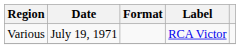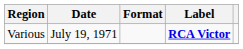 <table class="wikitable plainrowheaders">
 <tr>
 <th scope="col">Region</th>
 <th scope="col">Date</th>
 <th scope="col">Format</th>
 <th scope="col">Label</th>
 <th scope="col"></th>
 </tr>
 <tr>
 <td>Various</td>
 <td>July 19, 1971</td>
 <td></td>
-<td><a href='#'>RCA Victor</a></td>
+<td><strong><a href='#'>RCA Victor</a></strong></td>
 <td></td>
 </tr>
 <tr>
 </tr>
 </table>
